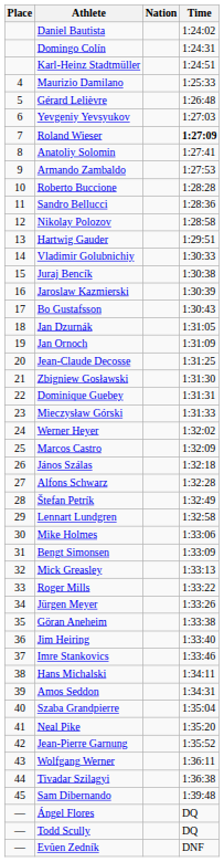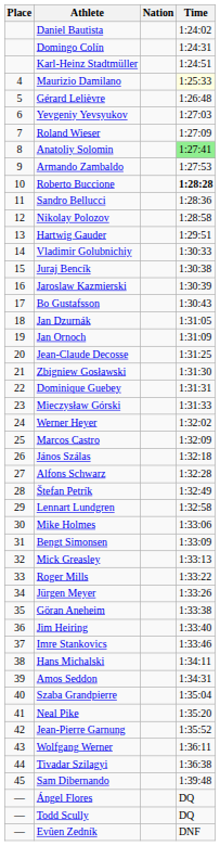 <table class=wikitable>
 <tr>
 <th>Place</th>
 <th>Athlete</th>
 <th>Nation</th>
 <th>Time</th>
 </tr>
 <tr>
 <td align=center></td>
 <td><a href='#'>Daniel Bautista</a></td>
 <td></td>
 <td>1:24:02</td>
 </tr>
 <tr>
 <td align=center></td>
 <td><a href='#'>Domingo Colín</a></td>
 <td></td>
 <td>1:24:31</td>
 </tr>
 <tr>
 <td align=center></td>
 <td><a href='#'>Karl-Heinz Stadtmüller</a></td>
 <td></td>
 <td>1:24:51</td>
 </tr>
 <tr>
 <td align=center>4</td>
 <td><a href='#'>Maurizio Damilano</a></td>
 <td></td>
-<td>1:25:33</td>
+<td style="background: lightyellow;">1:25:33</td>
 </tr>
 <tr>
 <td align=center>5</td>
 <td><a href='#'>Gérard Lelièvre</a></td>
 <td></td>
 <td>1:26:48</td>
 </tr>
 <tr>
 <td align=center>6</td>
 <td><a href='#'>Yevgeniy Yevsyukov</a></td>
 <td></td>
 <td>1:27:03</td>
 </tr>
 <tr>
 <td align=center>7</td>
 <td><a href='#'>Roland Wieser</a></td>
 <td></td>
-<td><strong>1:27:09</strong></td>
+<td>1:27:09</td>
 </tr>
 <tr>
 <td align=center>8</td>
 <td><a href='#'>Anatoliy Solomin</a></td>
 <td></td>
-<td>1:27:41</td>
+<td style="background: lightgreen;">1:27:41</td>
 </tr>
 <tr>
 <td align=center>9</td>
 <td><a href='#'>Armando Zambaldo</a></td>
 <td></td>
 <td>1:27:53</td>
 </tr>
 <tr>
 <td align=center>10</td>
 <td><a href='#'>Roberto Buccione</a></td>
 <td></td>
-<td>1:28:28</td>
+<td><strong>1:28:28</strong></td>
 </tr>
 <tr>
 <td align=center>11</td>
 <td><a href='#'>Sandro Bellucci</a></td>
 <td></td>
 <td>1:28:36</td>
 </tr>
 <tr>
 <td align=center>12</td>
 <td><a href='#'>Nikolay Polozov</a></td>
 <td></td>
 <td>1:28:58</td>
 </tr>
 <tr>
 <td align=center>13</td>
 <td><a href='#'>Hartwig Gauder</a></td>
 <td></td>
 <td>1:29:51</td>
 </tr>
 <tr>
 <td align=center>14</td>
 <td><a href='#'>Vladimir Golubnichiy</a></td>
 <td></td>
 <td>1:30:33</td>
 </tr>
 <tr>
 <td align=center>15</td>
 <td><a href='#'>Juraj Bencík</a></td>
 <td></td>
 <td>1:30:38</td>
 </tr>
 <tr>
 <td align=center>16</td>
 <td><a href='#'>Jaroslaw Kazmierski</a></td>
 <td></td>
 <td>1:30:39</td>
 </tr>
 <tr>
 <td align=center>17</td>
 <td><a href='#'>Bo Gustafsson</a></td>
 <td></td>
 <td>1:30:43</td>
 </tr>
 <tr>
 <td align=center>18</td>
 <td><a href='#'>Jan Dzurnák</a></td>
 <td></td>
 <td>1:31:05</td>
 </tr>
 <tr>
 <td align=center>19</td>
 <td><a href='#'>Jan Ornoch</a></td>
 <td></td>
 <td>1:31:09</td>
 </tr>
 <tr>
 <td align=center>20</td>
 <td><a href='#'>Jean-Claude Decosse</a></td>
 <td></td>
 <td>1:31:25</td>
 </tr>
 <tr>
 <td align=center>21</td>
 <td><a href='#'>Zbigniew Gosławski</a></td>
 <td></td>
 <td>1:31:30</td>
 </tr>
 <tr>
 <td align=center>22</td>
 <td><a href='#'>Dominique Guebey</a></td>
 <td></td>
 <td>1:31:31</td>
 </tr>
 <tr>
 <td align=center>23</td>
 <td><a href='#'>Mieczysław Górski</a></td>
 <td></td>
 <td>1:31:33</td>
 </tr>
 <tr>
 <td align=center>24</td>
 <td><a href='#'>Werner Heyer</a></td>
 <td></td>
 <td>1:32:02</td>
 </tr>
 <tr>
 <td align=center>25</td>
 <td><a href='#'>Marcos Castro</a></td>
 <td></td>
 <td>1:32:09</td>
 </tr>
 <tr>
 <td align=center>26</td>
 <td><a href='#'>János Szálas</a></td>
 <td></td>
 <td>1:32:18</td>
 </tr>
 <tr>
 <td align=center>27</td>
 <td><a href='#'>Alfons Schwarz</a></td>
 <td></td>
 <td>1:32:28</td>
 </tr>
 <tr>
 <td align=center>28</td>
 <td><a href='#'>Štefan Petrík</a></td>
 <td></td>
 <td>1:32:49</td>
 </tr>
 <tr>
 <td align=center>29</td>
 <td><a href='#'>Lennart Lundgren</a></td>
 <td></td>
 <td>1:32:58</td>
 </tr>
 <tr>
 <td align=center>30</td>
 <td><a href='#'>Mike Holmes</a></td>
 <td></td>
 <td>1:33:06</td>
 </tr>
 <tr>
 <td align=center>31</td>
 <td><a href='#'>Bengt Simonsen</a></td>
 <td></td>
 <td>1:33:09</td>
 </tr>
 <tr>
 <td align=center>32</td>
 <td><a href='#'>Mick Greasley</a></td>
 <td></td>
 <td>1:33:13</td>
 </tr>
 <tr>
 <td align=center>33</td>
 <td><a href='#'>Roger Mills</a></td>
 <td></td>
 <td>1:33:22</td>
 </tr>
 <tr>
 <td align=center>34</td>
 <td><a href='#'>Jürgen Meyer</a></td>
 <td></td>
 <td>1:33:26</td>
 </tr>
 <tr>
 <td align=center>35</td>
 <td><a href='#'>Göran Aneheim</a></td>
 <td></td>
 <td>1:33:38</td>
 </tr>
 <tr>
 <td align=center>36</td>
 <td><a href='#'>Jim Heiring</a></td>
 <td></td>
 <td>1:33:40</td>
 </tr>
 <tr>
 <td align=center>37</td>
 <td><a href='#'>Imre Stankovics</a></td>
 <td></td>
 <td>1:33:46</td>
 </tr>
 <tr>
 <td align=center>38</td>
 <td><a href='#'>Hans Michalski</a></td>
 <td></td>
 <td>1:34:11</td>
 </tr>
 <tr>
 <td align=center>39</td>
 <td><a href='#'>Amos Seddon</a></td>
 <td></td>
 <td>1:34:31</td>
 </tr>
 <tr>
 <td align=center>40</td>
 <td><a href='#'>Szaba Grandpierre</a></td>
 <td></td>
 <td>1:35:04</td>
 </tr>
 <tr>
 <td align=center>41</td>
 <td><a href='#'>Neal Pike</a></td>
 <td></td>
 <td>1:35:20</td>
 </tr>
 <tr>
 <td align=center>42</td>
 <td><a href='#'>Jean-Pierre Garnung</a></td>
 <td></td>
 <td>1:35:52</td>
 </tr>
 <tr>
 <td align=center>43</td>
 <td><a href='#'>Wolfgang Werner</a></td>
 <td></td>
 <td>1:36:11</td>
 </tr>
 <tr>
 <td align=center>44</td>
 <td><a href='#'>Tivadar Szilagyi</a></td>
 <td></td>
 <td>1:36:38</td>
 </tr>
 <tr>
 <td align=center>45</td>
 <td><a href='#'>Sam Dibernando</a></td>
 <td></td>
 <td>1:39:48</td>
 </tr>
 <tr>
 <td align=center>—</td>
 <td><a href='#'>Ángel Flores</a></td>
 <td></td>
 <td>DQ</td>
 </tr>
 <tr>
 <td align=center>—</td>
 <td><a href='#'>Todd Scully</a></td>
 <td></td>
 <td>DQ</td>
 </tr>
 <tr>
 <td align=center>—</td>
 <td><a href='#'>Evûen Zedník</a></td>
 <td></td>
 <td>DNF</td>
 </tr>
 </table>
